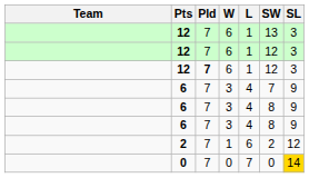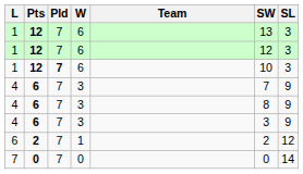 <table class=wikitable style="text-align:center">
 <tr>
-<th width=220>Team</th>
+<th width=20>L</th>
 <th width=20>Pts</th>
 <th width=20>Pld</th>
 <th width=20>W</th>
-<th width=20>L</th>
+<th width=220>Team</th>
 <th width=20>SW</th>
 <th width=20>SL</th>
 </tr>
 <tr bgcolor=#ccffcc>
-<td align=left></td>
+<td>1</td>
 <td><strong>12</strong></td>
 <td>7</td>
 <td>6</td>
-<td>1</td>
+<td align=left></td>
 <td>13</td>
 <td>3</td>
 </tr>
 <tr bgcolor=#ccffcc>
-<td align=left></td>
+<td>1</td>
 <td><strong>12</strong></td>
 <td>7</td>
 <td>6</td>
-<td>1</td>
+<td align=left></td>
 <td>12</td>
 <td>3</td>
 </tr>
 <tr>
-<td align=left></td>
+<td>1</td>
 <td><strong>12</strong></td>
 <td><strong>7</strong></td>
 <td>6</td>
-<td>1</td>
-<td>12</td>
+<td align=left></td>
+<td>10</td>
 <td>3</td>
 </tr>
 <tr>
-<td align=left></td>
+<td>4</td>
 <td><strong>6</strong></td>
 <td>7</td>
 <td>3</td>
-<td>4</td>
+<td align=left></td>
 <td>7</td>
 <td>9</td>
 </tr>
 <tr>
-<td align=left></td>
+<td>4</td>
 <td><strong>6</strong></td>
 <td>7</td>
 <td>3</td>
-<td>4</td>
+<td align=left></td>
 <td>8</td>
 <td>9</td>
 </tr>
 <tr>
-<td align=left></td>
+<td>4</td>
 <td><strong>6</strong></td>
 <td>7</td>
 <td>3</td>
-<td>4</td>
-<td>8</td>
+<td align=left></td>
+<td>3</td>
 <td>9</td>
 </tr>
 <tr>
-<td align=left></td>
+<td>6</td>
 <td><strong>2</strong></td>
 <td>7</td>
 <td>1</td>
-<td>6</td>
+<td align=left></td>
 <td>2</td>
 <td>12</td>
 </tr>
 <tr>
-<td align=left></td>
+<td>7</td>
 <td><strong>0</strong></td>
 <td>7</td>
 <td>0</td>
-<td>7</td>
+<td align=left></td>
 <td>0</td>
-<td style="background: gold;">14</td>
+<td>14</td>
 </tr>
 </table>
